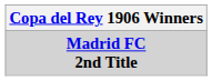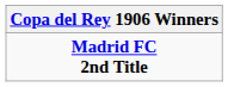 <table class="wikitable" style="text-align: center; margin: 0 auto;">
 <tr>
 <th><a href='#'>Copa del Rey</a> 1906 Winners</th>
 </tr>
 <tr>
-<td style="background: lightgrey;"><strong><a href='#'>Madrid FC</a></strong><br><strong>2nd Title</strong></td>
+<td><strong><a href='#'>Madrid FC</a></strong><br><strong>2nd Title</strong></td>
 </tr>
 </table>
